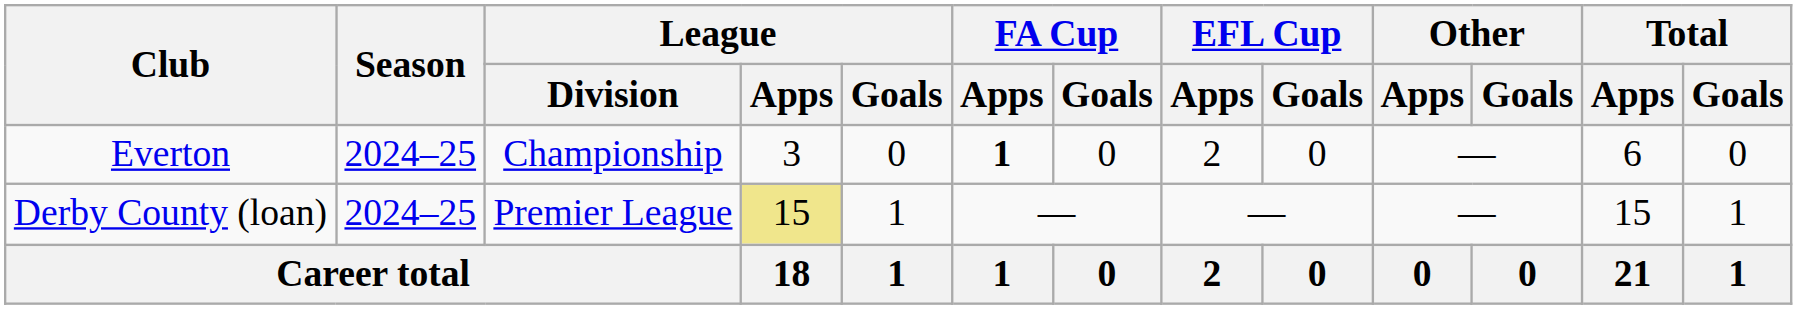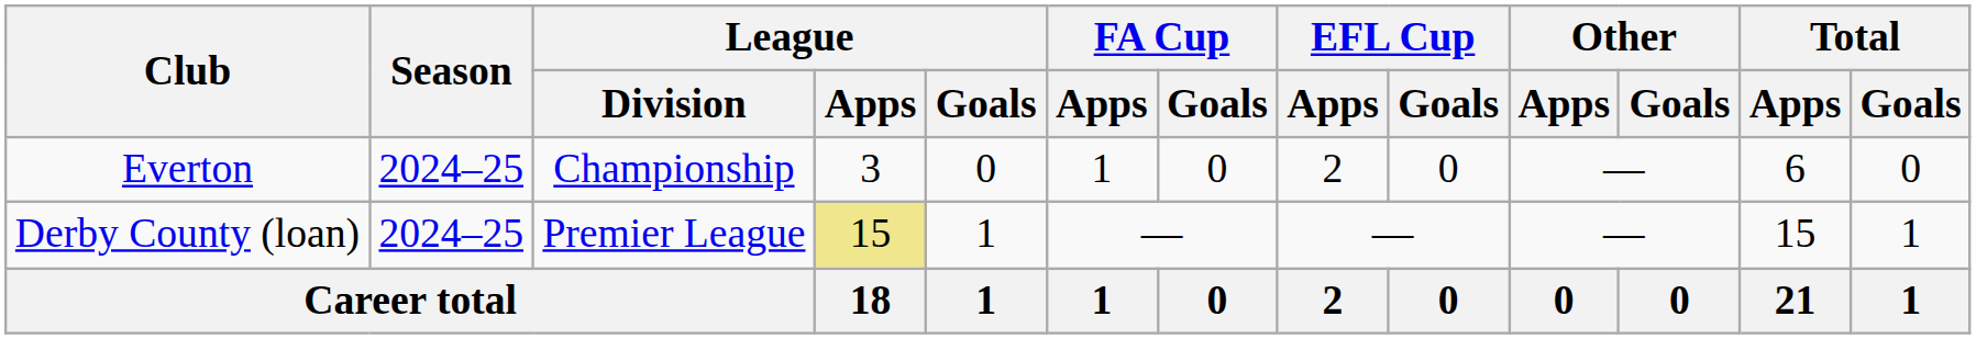 <table class="wikitable" style="text-align: center;">
 <tr>
 <th rowspan="2">Club</th>
 <th rowspan="2">Season</th>
 <th colspan="3">League</th>
 <th colspan="2"><a href='#'>FA Cup</a></th>
 <th colspan="2"><a href='#'>EFL Cup</a></th>
 <th colspan="2">Other</th>
 <th colspan="2">Total</th>
 </tr>
 <tr>
 <th>Division</th>
 <th>Apps</th>
 <th>Goals</th>
 <th>Apps</th>
 <th>Goals</th>
 <th>Apps</th>
 <th>Goals</th>
 <th>Apps</th>
 <th>Goals</th>
 <th>Apps</th>
 <th>Goals</th>
 </tr>
 <tr>
 <td><a href='#'>Everton</a></td>
 <td><a href='#'>2024–25</a></td>
 <td><a href='#'>Championship</a></td>
 <td>3</td>
 <td>0</td>
-<td><strong>1</strong></td>
+<td>1</td>
 <td>0</td>
 <td>2</td>
 <td>0</td>
 <td colspan=2>—</td>
 <td>6</td>
 <td>0</td>
 </tr>
 <tr>
 <td><a href='#'>Derby County</a> (loan)</td>
 <td><a href='#'>2024–25</a></td>
 <td><a href='#'>Premier League</a></td>
 <td style="background: khaki;">15</td>
 <td>1</td>
 <td colspan="2">—</td>
 <td colspan=2>—</td>
 <td colspan=2>—</td>
 <td>15</td>
 <td>1</td>
 </tr>
 <tr>
 <th colspan="3">Career total</th>
 <th>18</th>
 <th>1</th>
 <th>1</th>
 <th>0</th>
 <th>2</th>
 <th>0</th>
 <th>0</th>
 <th>0</th>
 <th>21</th>
 <th>1</th>
 </tr>
 </table>
